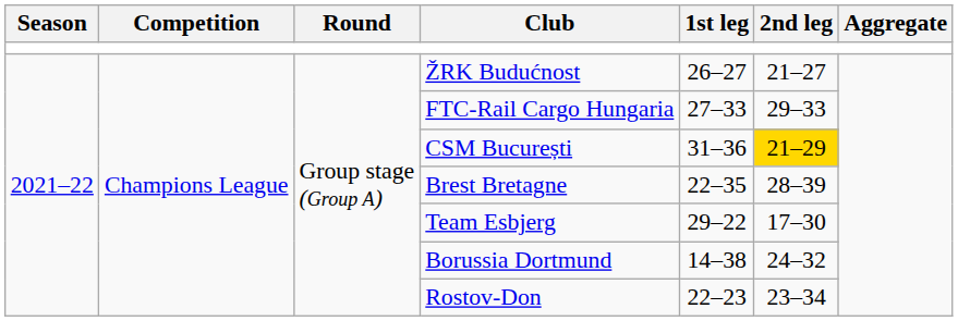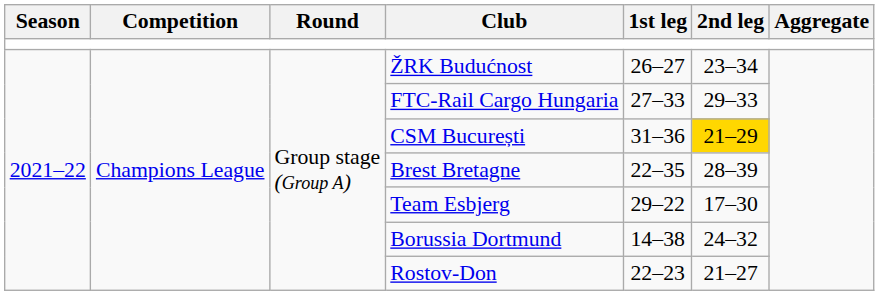 <table class="wikitable">
 <tr>
 <th>Season</th>
 <th>Competition</th>
 <th>Round</th>
 <th>Club</th>
 <th>1st leg</th>
 <th>2nd leg</th>
 <th>Aggregate</th>
 </tr>
 <tr>
 <td colspan=7 style="text-align: center;" bgcolor=white></td>
 </tr>
 <tr>
 <td rowspan=7><a href='#'>2021–22</a></td>
 <td rowspan=7><a href='#'>Champions League</a></td>
 <td rowspan=7>Group stage<br><em>(<small>Group A</small>)</em></td>
 <td> <a href='#'>ŽRK Budućnost</a></td>
 <td style="text-align:center;">26–27</td>
-<td style="text-align:center;">21–27</td>
+<td style="text-align:center;">23–34</td>
 <td align=center rowspan=7></td>
 </tr>
 <tr>
 <td> <a href='#'>FTC-Rail Cargo Hungaria</a></td>
 <td style="text-align:center;">27–33</td>
 <td style="text-align:center;">29–33</td>
 </tr>
 <tr>
 <td> <a href='#'>CSM București</a></td>
 <td style="text-align:center;">31–36</td>
 <td style="background: gold; text-align:center;">21–29</td>
 </tr>
 <tr>
 <td> <a href='#'>Brest Bretagne</a></td>
 <td style="text-align:center;">22–35</td>
 <td style="text-align:center;">28–39</td>
 </tr>
 <tr>
 <td> <a href='#'>Team Esbjerg</a></td>
 <td style="text-align:center;">29–22</td>
 <td style="text-align:center;">17–30</td>
 </tr>
 <tr>
 <td> <a href='#'>Borussia Dortmund</a></td>
 <td style="text-align:center;">14–38</td>
 <td style="text-align:center;">24–32</td>
 </tr>
 <tr>
 <td> <a href='#'>Rostov-Don</a></td>
 <td style="text-align:center;">22–23</td>
-<td style="text-align:center;">23–34</td>
+<td style="text-align:center;">21–27</td>
 </tr>
 </table>
